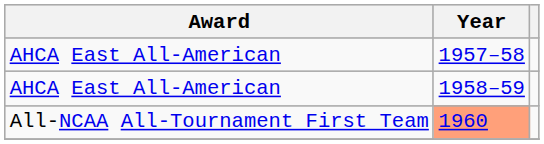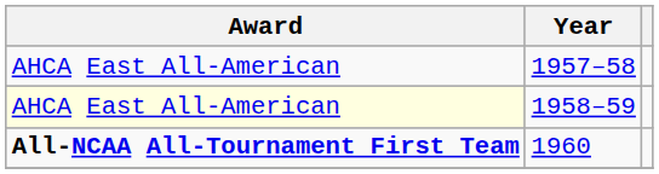 <table class="wikitable">
 <tr>
 <th>Award</th>
 <th>Year</th>
 <th></th>
 </tr>
 <tr>
 <td><a href='#'>AHCA</a> <a href='#'>East All-American</a></td>
 <td><a href='#'>1957–58</a></td>
 <td></td>
 </tr>
 <tr>
-<td><a href='#'>AHCA</a> <a href='#'>East All-American</a></td>
+<td style="background: lightyellow;"><a href='#'>AHCA</a> <a href='#'>East All-American</a></td>
 <td><a href='#'>1958–59</a></td>
 <td></td>
 </tr>
 <tr>
-<td>All-<a href='#'>NCAA</a> <a href='#'>All-Tournament First Team</a></td>
-<td style="background: lightsalmon;"><a href='#'>1960</a></td>
+<td><strong>All-<a href='#'>NCAA</a> <a href='#'>All-Tournament First Team</a></strong></td>
+<td><a href='#'>1960</a></td>
 <td></td>
 </tr>
 <tr>
 </tr>
 </table>
